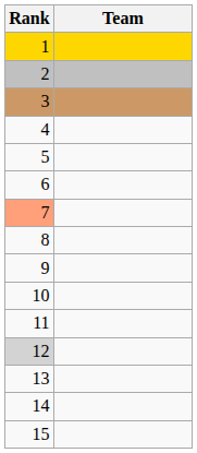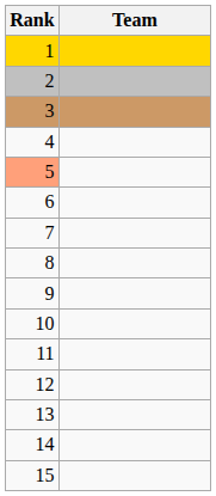 <table class=wikitable>
 <tr>
 <th width=20>Rank</th>
 <th width=120>Team</th>
 </tr>
 <tr bgcolor=gold>
 <td align=right>1</td>
 <td></td>
 </tr>
 <tr bgcolor=silver>
 <td align=right>2</td>
 <td></td>
 </tr>
 <tr bgcolor=#c96>
 <td align=right>3</td>
 <td></td>
 </tr>
 <tr>
 <td align=right>4</td>
 <td></td>
 </tr>
 <tr>
-<td align=right>5</td>
+<td align=right style="background: lightsalmon;">5</td>
 <td><strong></strong></td>
 </tr>
 <tr>
 <td align=right>6</td>
 <td></td>
 </tr>
 <tr>
-<td align=right style="background: lightsalmon;">7</td>
+<td align=right>7</td>
 <td></td>
 </tr>
 <tr>
 <td align=right>8</td>
 <td></td>
 </tr>
 <tr>
 <td align=right>9</td>
 <td></td>
 </tr>
 <tr>
 <td align=right>10</td>
 <td></td>
 </tr>
 <tr>
 <td align=right>11</td>
 <td></td>
 </tr>
 <tr>
-<td align=right style="background: lightgrey;">12</td>
+<td align=right>12</td>
 <td></td>
 </tr>
 <tr>
 <td align=right>13</td>
 <td></td>
 </tr>
 <tr>
 <td align=right>14</td>
 <td></td>
 </tr>
 <tr>
 <td align=right>15</td>
 <td></td>
 </tr>
 </table>
